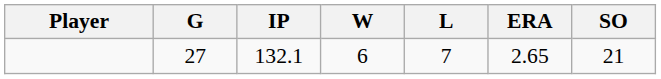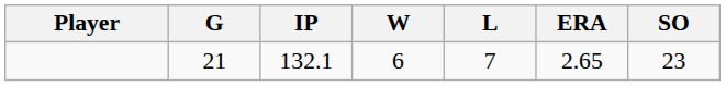 <table class="wikitable sortable">
 <tr>
 <th bgcolor="#DDDDFF" width="16%">Player</th>
 <th bgcolor="#DDDDFF" width="9%">G</th>
 <th bgcolor="#DDDDFF" width="9%">IP</th>
 <th bgcolor="#DDDDFF" width="9%">W</th>
 <th bgcolor="#DDDDFF" width="9%">L</th>
 <th bgcolor="#DDDDFF" width="9%">ERA</th>
 <th bgcolor="#DDDDFF" width="9%">SO</th>
 </tr>
 <tr align="center">
 <td></td>
-<td>27</td>
+<td>21</td>
 <td>132.1</td>
 <td>6</td>
 <td>7</td>
 <td>2.65</td>
-<td>21</td>
+<td>23</td>
 </tr>
 </table>
